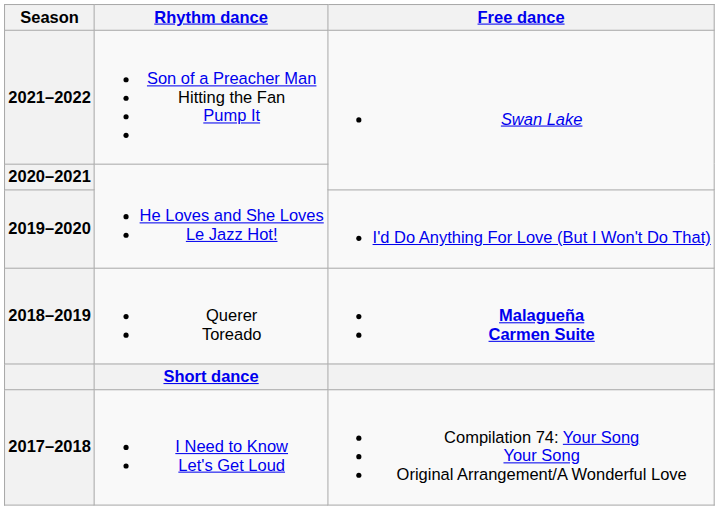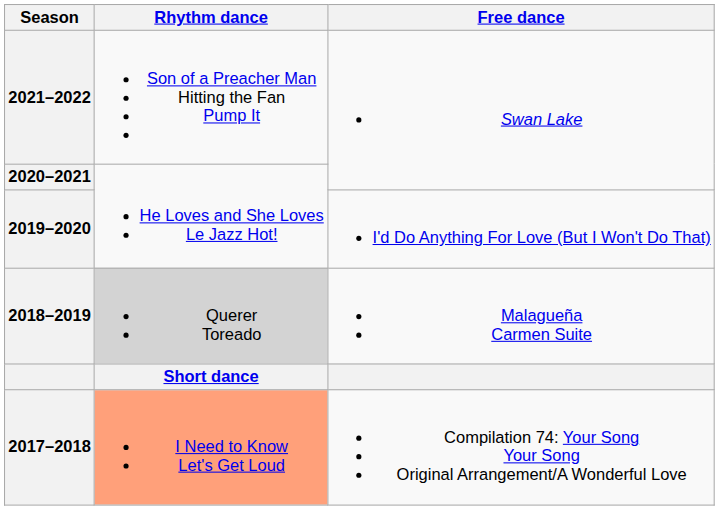 <table class="wikitable" style="text-align:center">
 <tr>
 <th>Season</th>
 <th><a href='#'>Rhythm dance</a></th>
 <th><a href='#'>Free dance</a></th>
 </tr>
 <tr>
 <th>2021–2022 <br></th>
 <td><br><ul><li> <a href='#'>Son of a Preacher Man</a><br></li><li>Hitting the Fan<br></li><li><a href='#'>Pump It</a> <br> </li><li></li></ul></td>
 <td rowspan=2><br><ul><li><em><a href='#'>Swan Lake</a></em> <br> </li></ul></td>
 </tr>
 <tr>
 <th>2020–2021</th>
 <td rowspan=2><br><ul><li> <a href='#'>He Loves and She Loves</a><br></li><li> <a href='#'>Le Jazz Hot!</a><br></li></ul></td>
 </tr>
 <tr>
 <th>2019–2020 <br></th>
 <td><br><ul><li><a href='#'>I'd Do Anything For Love (But I Won't Do That)</a><br></li></ul></td>
 </tr>
 <tr>
 <th>2018–2019<br></th>
-<td><br><ul><li> Querer</li><li> Toreado<br></li></ul></td>
-<td><strong><br><ul><li><a href='#'>Malagueña</a><br></li><li><a href='#'>Carmen Suite</a><br></li></ul></strong></td>
+<td style="background: lightgrey;"><br><ul><li> Querer</li><li> Toreado<br></li></ul></td>
+<td><br><ul><li><a href='#'>Malagueña</a><br></li><li><a href='#'>Carmen Suite</a><br></li></ul></td>
 </tr>
 <tr>
 <th></th>
 <th><a href='#'>Short dance</a></th>
 <th></th>
 </tr>
 <tr>
 <th>2017–2018<br></th>
-<td><br><ul><li> <a href='#'>I Need to Know</a><br></li><li> <a href='#'>Let's Get Loud</a><br></li></ul></td>
+<td style="background: lightsalmon;"><br><ul><li> <a href='#'>I Need to Know</a><br></li><li> <a href='#'>Let's Get Loud</a><br></li></ul></td>
 <td><br><ul><li>Compilation 74:  <a href='#'>Your Song</a><br></li><li><a href='#'>Your Song</a><br></li><li>Original Arrangement/A Wonderful Love<br></li></ul></td>
 </tr>
 </table>
